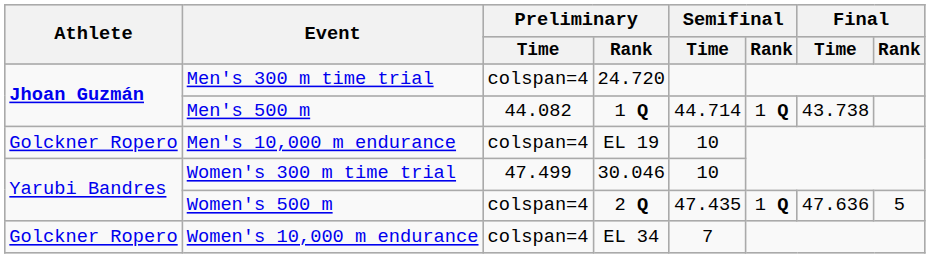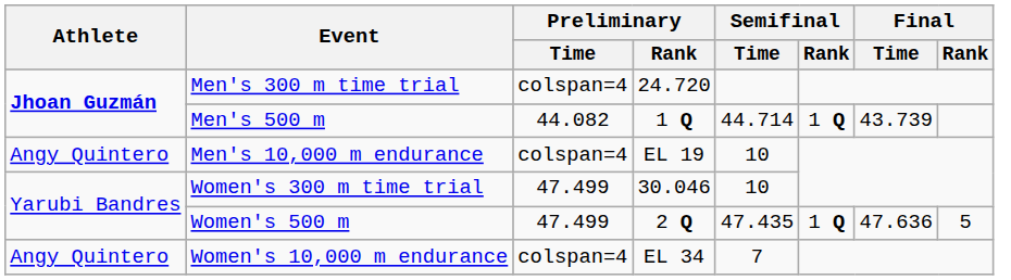 <table class=wikitable style=font-size:90%;text-align:center>
 <tr>
 <th rowspan=2>Athlete</th>
 <th rowspan=2>Event</th>
 <th colspan=2>Preliminary</th>
 <th colspan=2>Semifinal</th>
 <th colspan=2>Final</th>
 </tr>
 <tr style=font-size:95%>
 <th>Time</th>
 <th>Rank</th>
 <th>Time</th>
 <th>Rank</th>
 <th>Time</th>
 <th>Rank</th>
 </tr>
 <tr>
 <td align=left rowspan=2><strong><a href='#'>Jhoan Guzmán</a></strong></td>
 <td align=left><a href='#'>Men's 300 m time trial</a></td>
 <td>colspan=4 </td>
 <td>24.720</td>
 <td></td>
 </tr>
 <tr>
 <td align=left><a href='#'>Men's 500 m</a></td>
 <td>44.082</td>
 <td>1 <strong>Q</strong></td>
 <td>44.714</td>
 <td>1 <strong>Q</strong></td>
-<td>43.738</td>
+<td>43.739</td>
 <td></td>
 </tr>
 <tr>
-<td align=left><a href='#'>Golckner Ropero</a></td>
+<td align=left><a href='#'>Angy Quintero</a></td>
 <td align=left><a href='#'>Men's 10,000 m endurance</a></td>
 <td>colspan=4 </td>
 <td>EL 19</td>
 <td>10</td>
 </tr>
 <tr>
 <td align=left rowspan=2><a href='#'>Yarubi Bandres</a></td>
 <td align=left><a href='#'>Women's 300 m time trial</a></td>
 <td>47.499</td>
 <td>30.046</td>
 <td>10</td>
 </tr>
 <tr>
 <td align=left><a href='#'>Women's 500 m</a></td>
-<td>colspan=4 </td>
+<td>47.499</td>
 <td>2 <strong>Q</strong></td>
 <td>47.435</td>
 <td>1 <strong>Q</strong></td>
 <td>47.636</td>
 <td>5</td>
 </tr>
 <tr>
-<td align=left><a href='#'>Golckner Ropero</a></td>
+<td align=left><a href='#'>Angy Quintero</a></td>
 <td align=left><a href='#'>Women's 10,000 m endurance</a></td>
 <td>colspan=4 </td>
 <td>EL 34</td>
 <td>7</td>
 </tr>
 </table>
